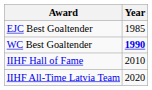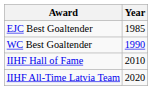 <table class="wikitable" border="1">
 <tr>
 <th>Award</th>
 <th>Year</th>
 </tr>
 <tr>
 <td><a href='#'>EJC</a> Best Goaltender</td>
 <td>1985 </td>
 </tr>
 <tr>
 <td><a href='#'>WC</a> Best Goaltender</td>
-<td><strong><a href='#'>1990</a></strong></td>
+<td><a href='#'>1990</a></td>
 </tr>
 <tr>
 <td><a href='#'>IIHF Hall of Fame</a></td>
 <td>2010</td>
 </tr>
 <tr>
 <td><a href='#'>IIHF All-Time Latvia Team</a></td>
 <td>2020</td>
 </tr>
 </table>
